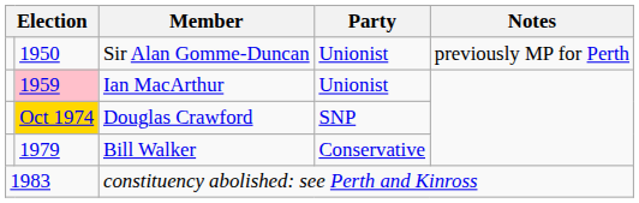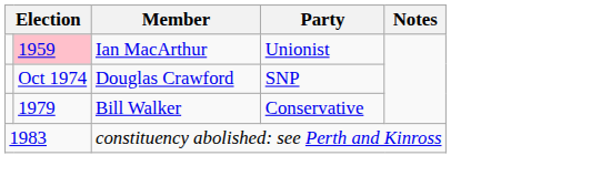 <table class="wikitable">
 <tr>
 <th colspan="2">Election</th>
 <th>Member</th>
 <th>Party</th>
 <th>Notes</th>
 </tr>
 <tr>
 <td style="color:inherit;background-color: "></td>
-<td><a href='#'>1950</a></td>
-<td>Sir <a href='#'>Alan Gomme-Duncan</a></td>
-<td><a href='#'>Unionist</a></td>
-<td>previously MP for <a href='#'>Perth</a></td>
-</tr>
-<tr>
-<td style="color:inherit;background-color: "></td>
 <td style="background: pink;"><a href='#'>1959</a></td>
 <td><a href='#'>Ian MacArthur</a></td>
 <td><a href='#'>Unionist</a></td>
 </tr>
 <tr>
 <td style="color:inherit;background-color: "></td>
-<td style="background: gold;"><a href='#'>Oct 1974</a></td>
+<td><a href='#'>Oct 1974</a></td>
 <td><a href='#'>Douglas Crawford</a></td>
 <td><a href='#'>SNP</a></td>
 </tr>
 <tr>
 <td style="color:inherit;background-color: "></td>
 <td><a href='#'>1979</a></td>
 <td><a href='#'>Bill Walker</a></td>
 <td><a href='#'>Conservative</a></td>
 </tr>
 <tr>
 <td colspan="2"><a href='#'>1983</a></td>
 <td colspan="3"><em>constituency abolished: see <a href='#'>Perth and Kinross</a></em></td>
 </tr>
 </table>
